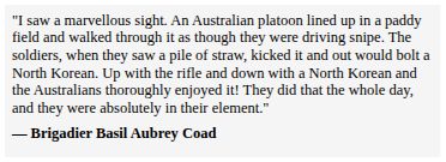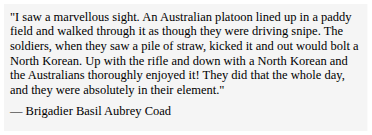 <table class="toccolours" style="float: right; margin-left: 1em; margin-right: 2em; font-size: 85%; background:whitesmoke; color:black; width:29em; max-width: 40%;" cellspacing="5">
 <tr>
 <td style="text-align: left;">"I saw a marvellous sight. An Australian platoon lined up in a paddy field and walked through it as though they were driving snipe. The soldiers, when they saw a pile of straw, kicked it and out would bolt a North Korean. Up with the rifle and down with a North Korean and the Australians thoroughly enjoyed it! They did that the whole day, and they were absolutely in their element."</td>
 </tr>
 <tr>
-<td style="text-align: left;"><strong>— Brigadier Basil Aubrey Coad</strong></td>
+<td style="text-align: left;">— Brigadier Basil Aubrey Coad</td>
 </tr>
 <tr>
 <td style="text-align: left;"></td>
 </tr>
 </table>
